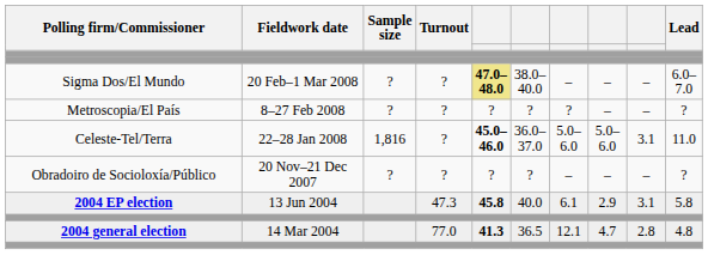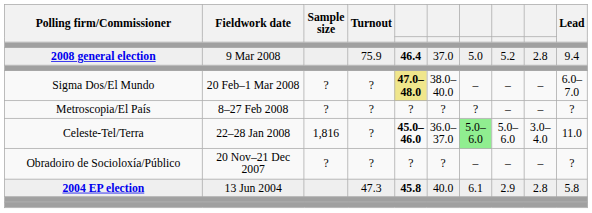 <table class="wikitable collapsible collapsed" style="text-align:center; font-size:95%; line-height:16px;">
 <tr style="height:42px;">
 <th style="width:250px;" rowspan="2">Polling firm/Commissioner</th>
 <th style="width:125px;" rowspan="2">Fieldwork date</th>
 <th style="width:50px;" rowspan="2">Sample size</th>
 <th style="width:45px;" rowspan="2">Turnout</th>
 <th style="width:35px;"></th>
 <th style="width:35px;"></th>
 <th style="width:35px;"></th>
 <th style="width:35px;"></th>
 <th style="width:35px;"></th>
 <th style="width:30px;" rowspan="2">Lead</th>
 </tr>
 <tr>
 <th style="color:inherit;background:"></th>
 <th style="color:inherit;background:"></th>
 <th style="color:inherit;background:"></th>
 <th style="color:inherit;background:"></th>
 <th style="color:inherit;background:"></th>
 </tr>
 <tr>
 <td colspan="10" style="background:#A0A0A0"></td>
+</tr>
+<tr style="background:#EFEFEF;">
+<td><strong><a href='#'>2008 general election</a></strong></td>
+<td>9 Mar 2008</td>
+<td></td>
+<td>75.9</td>
+<td><strong>46.4</strong><br></td>
+<td>37.0<br></td>
+<td>5.0<br></td>
+<td>5.2<br></td>
+<td>2.8<br></td>
+<td style="background:">9.4</td>
 </tr>
 <tr>
 <td colspan="10" style="background:#A0A0A0"></td>
 </tr>
 <tr>
 <td>Sigma Dos/El Mundo</td>
 <td>20 Feb–1 Mar 2008</td>
 <td>?</td>
 <td>?</td>
 <td style="background: khaki;"><strong>47.0–<br>48.0</strong><br></td>
 <td>38.0–<br>40.0<br></td>
 <td>–</td>
 <td>–</td>
 <td>–</td>
 <td style="background:">6.0–<br>7.0</td>
 </tr>
 <tr>
 <td>Metroscopia/El País</td>
 <td>8–27 Feb 2008</td>
 <td>?</td>
 <td>?</td>
 <td>?<br></td>
 <td>?<br></td>
 <td>?<br></td>
 <td>–</td>
 <td>–</td>
 <td style="background:">?</td>
 </tr>
 <tr>
 <td>Celeste-Tel/Terra</td>
 <td>22–28 Jan 2008</td>
 <td>1,816</td>
 <td>?</td>
 <td><strong>45.0–<br>46.0</strong><br></td>
 <td>36.0–<br>37.0<br></td>
+<td style="background: lightgreen;">5.0–<br>6.0<br></td>
 <td>5.0–<br>6.0<br></td>
-<td>5.0–<br>6.0<br></td>
-<td>3.1<br></td>
+<td>3.0–<br>4.0<br></td>
 <td style="background:">11.0</td>
 </tr>
 <tr>
 <td>Obradoiro de Socioloxía/Público</td>
 <td>20 Nov–21 Dec 2007</td>
 <td>?</td>
 <td>?</td>
 <td>?<br></td>
 <td>?<br></td>
 <td>–</td>
 <td>–</td>
 <td>–</td>
 <td style="background:">?</td>
 </tr>
 <tr style="background:#EFEFEF;">
 <td><strong><a href='#'>2004 EP election</a></strong></td>
 <td>13 Jun 2004</td>
 <td></td>
 <td>47.3</td>
 <td><strong>45.8</strong><br></td>
 <td>40.0<br></td>
 <td>6.1<br></td>
 <td>2.9<br></td>
-<td>3.1<br></td>
+<td>2.8<br></td>
 <td style="background:">5.8</td>
 </tr>
 <tr>
 <td colspan="10" style="background:#A0A0A0"></td>
 </tr>
-<tr style="background:#EFEFEF;">
-<td><strong><a href='#'>2004 general election</a></strong></td>
-<td>14 Mar 2004</td>
-<td></td>
-<td>77.0</td>
-<td><strong>41.3</strong><br></td>
-<td>36.5<br></td>
-<td>12.1<br></td>
-<td>4.7<br></td>
-<td>2.8<br></td>
-<td style="background:">4.8</td>
-</tr>
 <tr>
 <td colspan="10" style="background:#A0A0A0"></td>
 </tr>
 </table>
